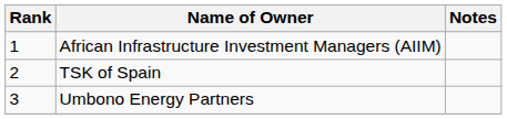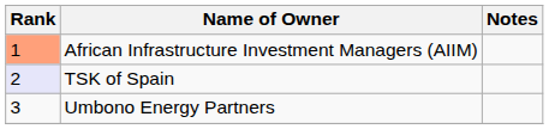 <table class="wikitable sortable" style="margin: 0.5em auto">
 <tr>
 <th>Rank</th>
 <th>Name of Owner</th>
 <th>Notes</th>
 </tr>
 <tr>
-<td>1</td>
+<td style="background: lightsalmon;">1</td>
 <td>African Infrastructure Investment Managers (AIIM)</td>
 <td></td>
 </tr>
 <tr>
-<td>2</td>
+<td style="background: lavender;">2</td>
 <td>TSK of Spain</td>
 <td></td>
 </tr>
 <tr>
 <td>3</td>
 <td>Umbono Energy Partners</td>
 <td></td>
 </tr>
 <tr>
 </tr>
 </table>
